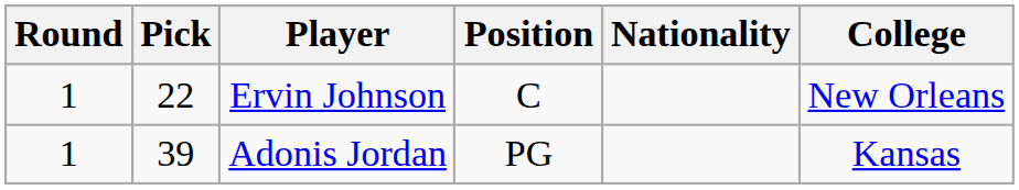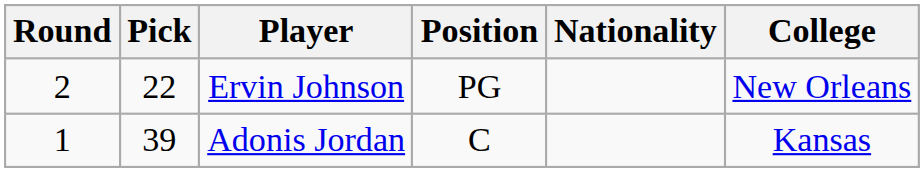 <table class="wikitable sortable sortable">
 <tr>
 <th>Round</th>
 <th>Pick</th>
 <th>Player</th>
 <th>Position</th>
 <th>Nationality</th>
 <th>College</th>
 </tr>
 <tr style="text-align: center">
-<td>1</td>
+<td>2</td>
 <td>22</td>
 <td><a href='#'>Ervin Johnson</a></td>
-<td>C</td>
+<td>PG</td>
 <td></td>
 <td><a href='#'>New Orleans</a></td>
 </tr>
 <tr style="text-align: center">
 <td>1</td>
 <td>39</td>
 <td><a href='#'>Adonis Jordan</a></td>
-<td>PG</td>
+<td>C</td>
 <td></td>
 <td><a href='#'>Kansas</a></td>
 </tr>
 </table>
